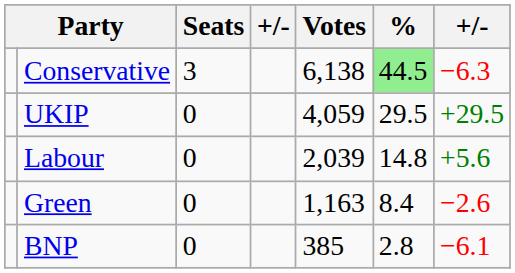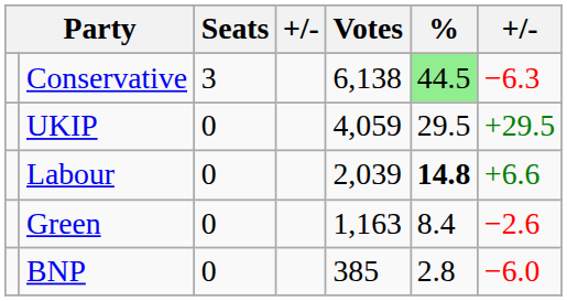 <table class="wikitable">
 <tr>
 <th colspan="2">Party</th>
 <th>Seats</th>
 <th>+/-</th>
 <th>Votes</th>
 <th>%</th>
 <th>+/-</th>
 </tr>
 <tr>
 <td style="background-color: "></td>
 <td><a href='#'>Conservative</a></td>
 <td>3</td>
 <td></td>
 <td>6,138</td>
 <td style="background: lightgreen;">44.5</td>
 <td style="color:red">−6.3</td>
 </tr>
 <tr>
 <td style="background-color: "></td>
 <td><a href='#'>UKIP</a></td>
 <td>0</td>
 <td></td>
 <td>4,059</td>
 <td>29.5</td>
 <td style="color:green">+29.5</td>
 </tr>
 <tr>
 <td style="background-color: "></td>
 <td><a href='#'>Labour</a></td>
 <td>0</td>
 <td></td>
 <td>2,039</td>
-<td>14.8</td>
-<td style="color:green">+5.6</td>
+<td><strong>14.8</strong></td>
+<td style="color:green">+6.6</td>
 </tr>
 <tr>
 <td style="background-color: "></td>
 <td><a href='#'>Green</a></td>
 <td>0</td>
 <td></td>
 <td>1,163</td>
 <td>8.4</td>
 <td style="color:red">−2.6</td>
 </tr>
 <tr>
 <td style="background-color: "></td>
 <td><a href='#'>BNP</a></td>
 <td>0</td>
 <td></td>
 <td>385</td>
 <td>2.8</td>
-<td style="color:red">−6.1</td>
+<td style="color:red">−6.0</td>
 </tr>
 </table>
